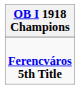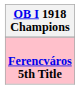 <table class="wikitable" style="text-align: center; margin: 0 auto;">
 <tr>
 <th><a href='#'>OB I</a> 1918<br>Champions</th>
 </tr>
 <tr>
 </tr>
 <tr>
-<td> <br><strong><a href='#'>Ferencváros</a></strong><br><strong>5th Title</strong></td>
+<td style="background: pink;"> <br><strong><a href='#'>Ferencváros</a></strong><br><strong>5th Title</strong></td>
 </tr>
 </table>
